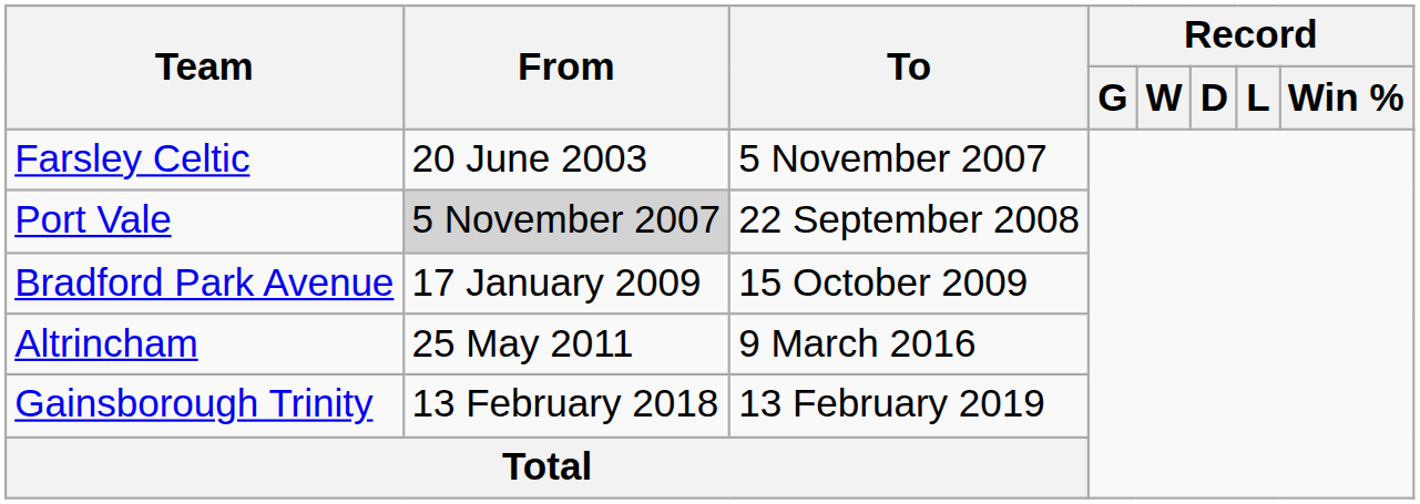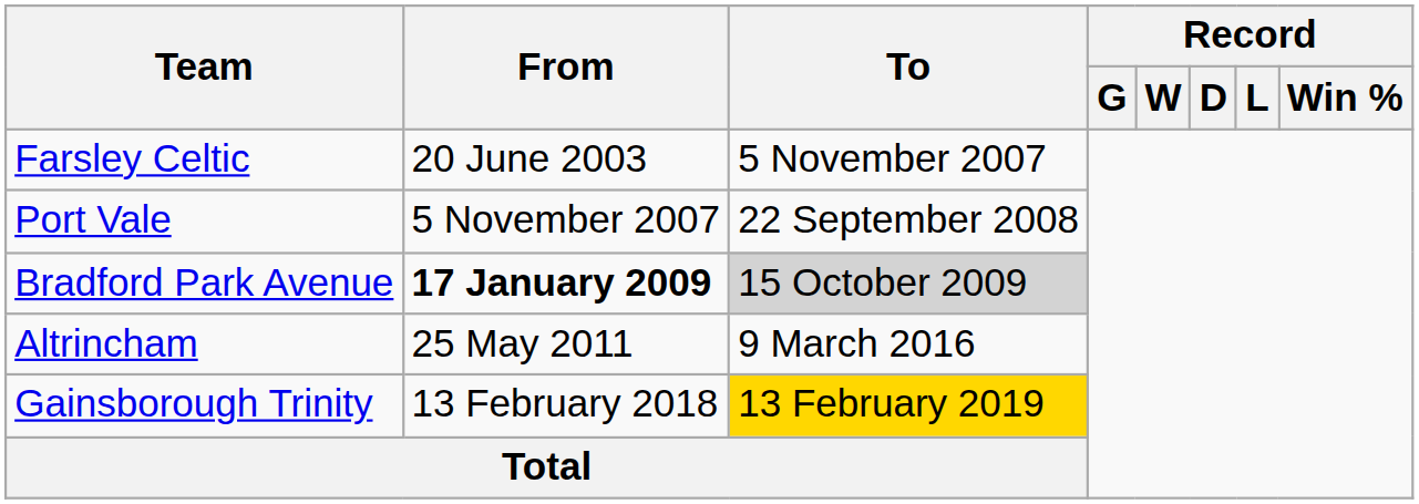 <table class="wikitable" style="text-align: center">
 <tr>
 <th rowspan=2>Team</th>
 <th rowspan=2>From</th>
 <th rowspan=2>To</th>
 <th colspan=5>Record</th>
 </tr>
 <tr>
 <th>G</th>
 <th>W</th>
 <th>D</th>
 <th>L</th>
 <th>Win %</th>
 </tr>
 <tr>
 <td align=left><a href='#'>Farsley Celtic</a></td>
 <td align=left>20 June 2003</td>
 <td align=left>5 November 2007<br></td>
 </tr>
 <tr>
 <td align=left><a href='#'>Port Vale</a></td>
-<td align=left style="background: lightgrey;">5 November 2007</td>
+<td align=left>5 November 2007</td>
 <td align=left>22 September 2008<br></td>
 </tr>
 <tr>
 <td align=left><a href='#'>Bradford Park Avenue</a></td>
-<td align=left>17 January 2009</td>
-<td align=left>15 October 2009<br></td>
+<td align=left><strong>17 January 2009</strong></td>
+<td align=left style="background: lightgrey;">15 October 2009<br></td>
 </tr>
 <tr>
 <td align=left><a href='#'>Altrincham</a></td>
 <td align=left>25 May 2011</td>
 <td align=left>9 March 2016<br></td>
 </tr>
 <tr>
 <td align=left><a href='#'>Gainsborough Trinity</a></td>
 <td align=left>13 February 2018</td>
-<td align=left>13 February 2019<br></td>
+<td align=left style="background: gold;">13 February 2019<br></td>
 </tr>
 <tr>
 <th colspan=3>Total<br></th>
 </tr>
 </table>
